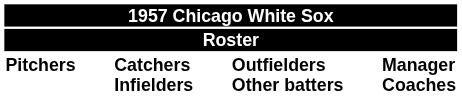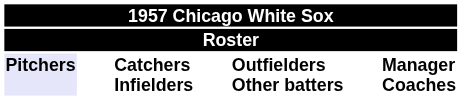 <table class="toccolours" style="font-size: 95%;">
 <tr>
 <th colspan="10" style="background-color: black; color: white; text-align: center;">1957 Chicago White Sox</th>
 </tr>
 <tr>
 <td colspan="10" style="background-color: black; color: white; text-align: center;"><strong>Roster</strong></td>
 </tr>
 <tr>
-<td valign="top"><strong>Pitchers</strong><br>               </td>
+<td valign="top" style="background: lavender;"><strong>Pitchers</strong><br>               </td>
 <td width="25px"></td>
 <td valign="top"><strong>Catchers</strong><br>   <strong>Infielders</strong>        </td>
 <td width="25px"></td>
 <td valign="top"><strong>Outfielders</strong><br>      <strong>Other batters</strong>   </td>
 <td width="25px"></td>
 <td valign="top"><strong>Manager</strong><br> <strong>Coaches</strong>    </td>
 </tr>
 </table>
